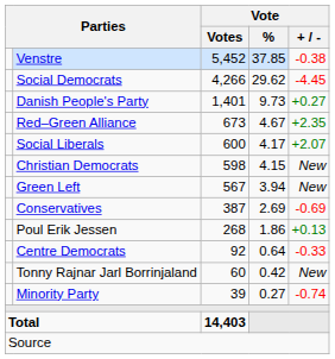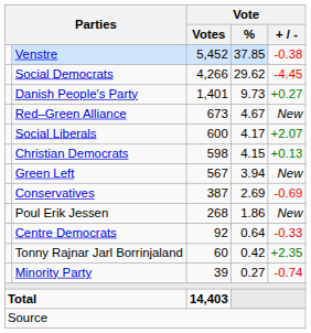 <table class="wikitable" style="text-align:right;">
 <tr>
 <th style="text-align:centre;" rowspan="2" colspan="2" width="225">Parties</th>
 <th colspan="3">Vote</th>
 </tr>
 <tr>
 <th width="15">Votes</th>
 <th width="15">%</th>
 <th width="15">+ / -</th>
 </tr>
 <tr>
 <td width="2" style="color:inherit;background:"></td>
 <td bgcolor=#cfe5fe  align="left"><a href='#'>Venstre</a></td>
 <td bgcolor=#cfe5fe>5,452</td>
 <td bgcolor=#cfe5fe>37.85</td>
 <td style=color:red;>-0.38</td>
 </tr>
 <tr>
 <td width="2" style="color:inherit;background:"></td>
 <td align="left"><a href='#'>Social Democrats</a></td>
 <td>4,266</td>
 <td>29.62</td>
 <td style=color:red;>-4.45</td>
 </tr>
 <tr>
 <td width="2" style="color:inherit;background:"></td>
 <td align="left"><a href='#'>Danish People's Party</a></td>
 <td>1,401</td>
 <td>9.73</td>
 <td style=color:green;>+0.27</td>
 </tr>
 <tr>
 <td width="2" style="color:inherit;background:"></td>
 <td align="left"><a href='#'>Red–Green Alliance</a></td>
 <td>673</td>
 <td>4.67</td>
-<td style=color:green;>+2.35</td>
+<td><em>New</em></td>
 </tr>
 <tr>
 <td width="2" style="color:inherit;background:"></td>
 <td align="left"><a href='#'>Social Liberals</a></td>
 <td>600</td>
 <td>4.17</td>
 <td style=color:green;>+2.07</td>
 </tr>
 <tr>
 <td width="2" style="color:inherit;background:"></td>
 <td align="left"><a href='#'>Christian Democrats</a></td>
 <td>598</td>
 <td>4.15</td>
-<td><em>New</em></td>
+<td style=color:green;>+0.13</td>
 </tr>
 <tr>
 <td width="2" style="color:inherit;background:"></td>
 <td align="left"><a href='#'>Green Left</a></td>
 <td>567</td>
 <td>3.94</td>
 <td><em>New</em></td>
 </tr>
 <tr>
 <td width="2" style="color:inherit;background:"></td>
 <td align="left"><a href='#'>Conservatives</a></td>
 <td>387</td>
 <td>2.69</td>
 <td style=color:red;>-0.69</td>
 </tr>
 <tr>
 <td width="2" style="color:inherit;background:"></td>
 <td align="left">Poul Erik Jessen</td>
 <td>268</td>
 <td>1.86</td>
-<td style=color:green;>+0.13</td>
+<td><em>New</em></td>
 </tr>
 <tr>
 <td width="2" style="color:inherit;background:"></td>
 <td align="left"><a href='#'>Centre Democrats</a></td>
 <td>92</td>
 <td>0.64</td>
 <td style=color:red;>-0.33</td>
 </tr>
 <tr>
 <td width="2" style="color:inherit;background:"></td>
 <td align="left">Tonny Rajnar Jarl Borrinjaland</td>
 <td>60</td>
 <td>0.42</td>
-<td><em>New</em></td>
+<td style=color:green;>+2.35</td>
 </tr>
 <tr>
 <td width="2" style="color:inherit;background:"></td>
 <td align="left"><a href='#'>Minority Party</a></td>
 <td>39</td>
 <td>0.27</td>
 <td style=color:red;>-0.74</td>
 </tr>
 <tr>
 <td colspan="7" bgcolor="#E9E9E9"></td>
 </tr>
 <tr>
 <td align="left" colspan="2"><strong>Total</strong></td>
 <td><strong>14,403</strong></td>
 <td bgcolor="#E9E9E9" colspan="2"></td>
 </tr>
 <tr>
 <td align="left" colspan="6">Source</td>
 </tr>
 </table>
